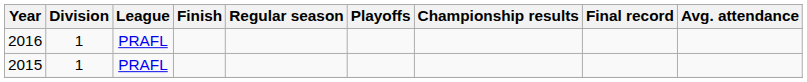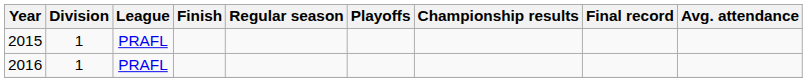 <table class="wikitable"  style="text-align: left;">
 <tr>
 <th>Year</th>
 <th>Division</th>
 <th>League</th>
 <th>Finish</th>
 <th>Regular season</th>
 <th>Playoffs</th>
 <th>Championship results</th>
 <th>Final record</th>
 <th>Avg. attendance</th>
 </tr>
 <tr>
-<td align=center>2016</td>
+<td align=center>2015</td>
 <td align=center>1</td>
 <td align=center><a href='#'>PRAFL</a></td>
 <td align=center></td>
 <td align=center></td>
 <td align=center></td>
 <td></td>
 <td align=center></td>
 <td align=center></td>
 </tr>
 <tr>
-<td align=center>2015</td>
+<td align=center>2016</td>
 <td align=center>1</td>
 <td align=center><a href='#'>PRAFL</a></td>
 <td align=center></td>
 <td align=center></td>
 <td align=center></td>
 <td></td>
 <td align=center></td>
 <td align=center></td>
 </tr>
 <tr>
 </tr>
 </table>
